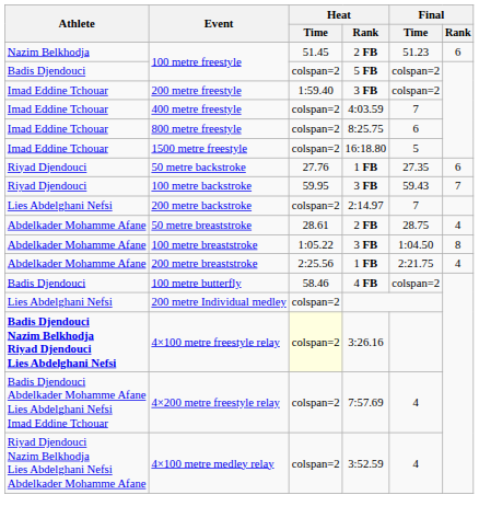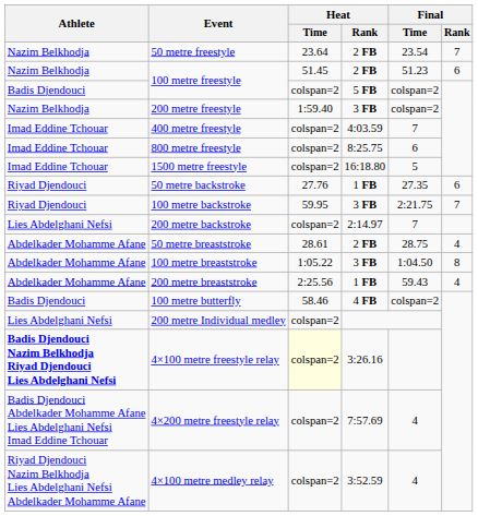 <table class=wikitable style="font-size:90%">
 <tr>
 <th rowspan=2>Athlete</th>
 <th rowspan=2>Event</th>
 <th colspan=2>Heat</th>
 <th colspan=2>Final</th>
 </tr>
 <tr style="font-size:95%">
 <th>Time</th>
 <th>Rank</th>
 <th>Time</th>
 <th>Rank</th>
+</tr>
+<tr align=center>
+<td align=left><a href='#'>Nazim Belkhodja</a></td>
+<td align=left><a href='#'>50 metre freestyle</a></td>
+<td>23.64</td>
+<td>2 <strong>FB</strong></td>
+<td>23.54</td>
+<td>7</td>
 </tr>
 <tr align=center>
 <td align=left><a href='#'>Nazim Belkhodja</a></td>
 <td align=left rowspan=2><a href='#'>100 metre freestyle</a></td>
 <td>51.45</td>
 <td>2 <strong>FB</strong></td>
 <td>51.23</td>
 <td>6</td>
 </tr>
 <tr align=center>
 <td align=left><a href='#'>Badis Djendouci</a></td>
 <td>colspan=2 </td>
 <td>5 <strong>FB</strong></td>
 <td>colspan=2 </td>
 </tr>
 <tr align=center>
-<td align=left><a href='#'>Imad Eddine Tchouar</a></td>
+<td align=left><a href='#'>Nazim Belkhodja</a></td>
 <td align=left><a href='#'>200 metre freestyle</a></td>
 <td>1:59.40</td>
 <td>3 <strong>FB</strong></td>
 <td>colspan=2 </td>
 </tr>
 <tr align=center>
 <td align=left><a href='#'>Imad Eddine Tchouar</a></td>
 <td align=left><a href='#'>400 metre freestyle</a></td>
 <td>colspan=2 </td>
 <td>4:03.59</td>
 <td>7</td>
 </tr>
 <tr align=center>
 <td align=left><a href='#'>Imad Eddine Tchouar</a></td>
 <td align=left><a href='#'>800 metre freestyle</a></td>
 <td>colspan=2 </td>
 <td>8:25.75</td>
 <td>6</td>
 </tr>
 <tr align=center>
 <td align=left><a href='#'>Imad Eddine Tchouar</a></td>
 <td align=left><a href='#'>1500 metre freestyle</a></td>
 <td>colspan=2 </td>
 <td>16:18.80</td>
 <td>5</td>
 </tr>
 <tr align=center>
 <td align=left><a href='#'>Riyad Djendouci</a></td>
 <td align=left><a href='#'>50 metre backstroke</a></td>
 <td>27.76</td>
 <td>1 <strong>FB</strong></td>
 <td>27.35</td>
 <td>6</td>
 </tr>
 <tr align=center>
 <td align=left><a href='#'>Riyad Djendouci</a></td>
 <td align=left><a href='#'>100 metre backstroke</a></td>
 <td>59.95</td>
 <td>3 <strong>FB</strong></td>
-<td>59.43</td>
+<td>2:21.75</td>
 <td>7</td>
 </tr>
 <tr align=center>
 <td align=left><a href='#'>Lies Abdelghani Nefsi</a></td>
 <td align=left><a href='#'>200 metre backstroke</a></td>
 <td>colspan=2 </td>
 <td>2:14.97</td>
 <td>7</td>
 </tr>
 <tr align=center>
 <td align=left><a href='#'>Abdelkader Mohamme Afane</a></td>
 <td align=left><a href='#'>50 metre breaststroke</a></td>
 <td>28.61</td>
 <td>2 <strong>FB</strong></td>
 <td>28.75</td>
 <td>4</td>
 </tr>
 <tr align=center>
 <td align=left><a href='#'>Abdelkader Mohamme Afane</a></td>
 <td align=left><a href='#'>100 metre breaststroke</a></td>
 <td>1:05.22</td>
 <td>3 <strong>FB</strong></td>
 <td>1:04.50</td>
 <td>8</td>
 </tr>
 <tr align=center>
 <td align=left><a href='#'>Abdelkader Mohamme Afane</a></td>
 <td align=left><a href='#'>200 metre breaststroke</a></td>
 <td>2:25.56</td>
 <td>1 <strong>FB</strong></td>
-<td>2:21.75</td>
+<td>59.43</td>
 <td>4</td>
 </tr>
 <tr align=center>
 <td align=left><a href='#'>Badis Djendouci</a></td>
 <td align=left><a href='#'>100 metre butterfly</a></td>
 <td>58.46</td>
 <td>4 <strong>FB</strong></td>
 <td>colspan=2 </td>
 </tr>
 <tr align=center>
 <td align=left><a href='#'>Lies Abdelghani Nefsi</a></td>
 <td align=left><a href='#'>200 metre Individual medley</a></td>
 <td>colspan=2 </td>
 <td colspan=2></td>
 </tr>
 <tr align=center>
 <td align=left><strong><a href='#'>Badis Djendouci</a><br><a href='#'>Nazim Belkhodja</a><br><a href='#'>Riyad Djendouci</a><br><a href='#'>Lies Abdelghani Nefsi</a></strong></td>
 <td align=left><a href='#'>4×100 metre freestyle relay</a></td>
 <td style="background: lightyellow;">colspan=2 </td>
 <td>3:26.16</td>
 <td></td>
 </tr>
 <tr align=center>
 <td align=left><a href='#'>Badis Djendouci</a><br><a href='#'>Abdelkader Mohamme Afane</a><br><a href='#'>Lies Abdelghani Nefsi</a><br><a href='#'>Imad Eddine Tchouar</a></td>
 <td align=left><a href='#'>4×200 metre freestyle relay</a></td>
 <td>colspan=2 </td>
 <td>7:57.69</td>
 <td>4</td>
 </tr>
 <tr align=center>
 <td align=left><a href='#'>Riyad Djendouci</a><br><a href='#'>Nazim Belkhodja</a><br><a href='#'>Lies Abdelghani Nefsi</a><br><a href='#'>Abdelkader Mohamme Afane</a></td>
 <td align=left><a href='#'>4×100 metre medley relay</a></td>
 <td>colspan=2 </td>
 <td>3:52.59</td>
 <td>4</td>
 </tr>
 </table>
